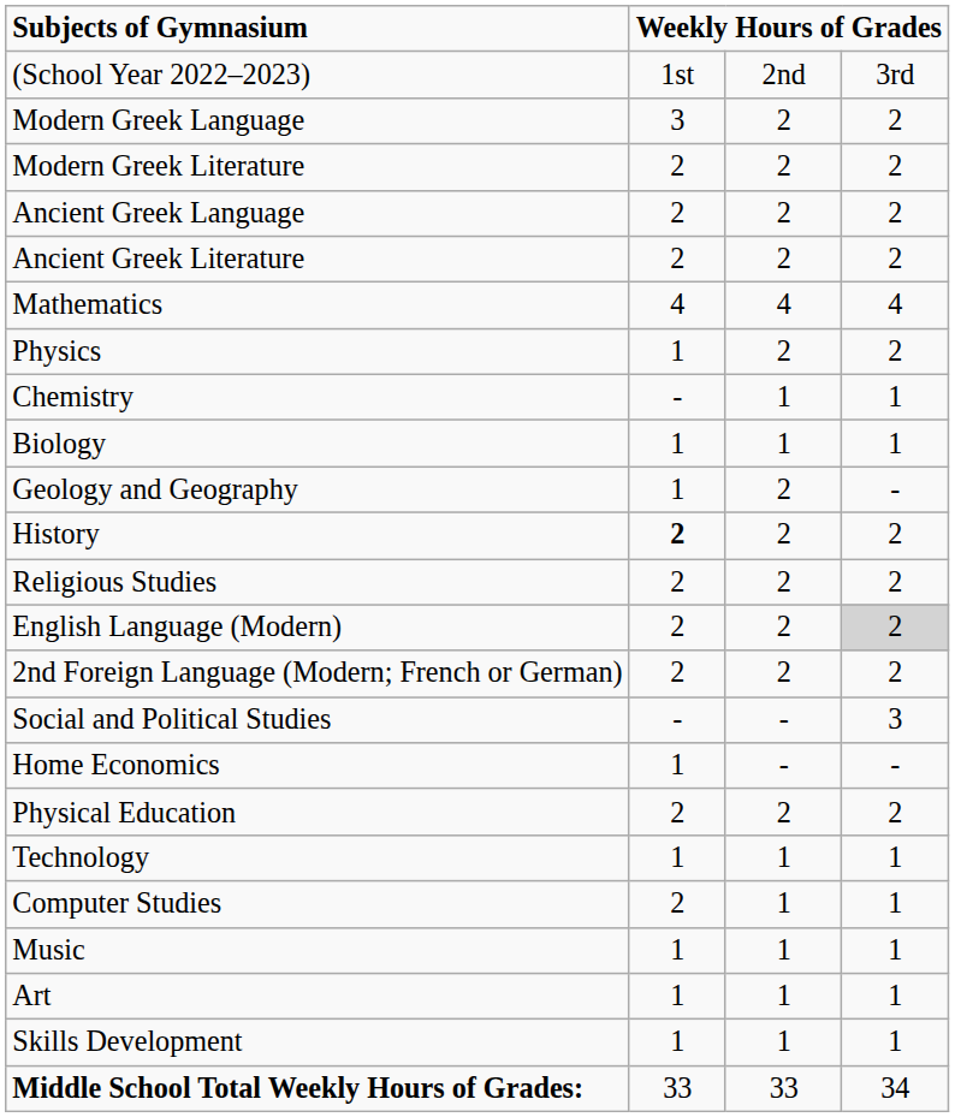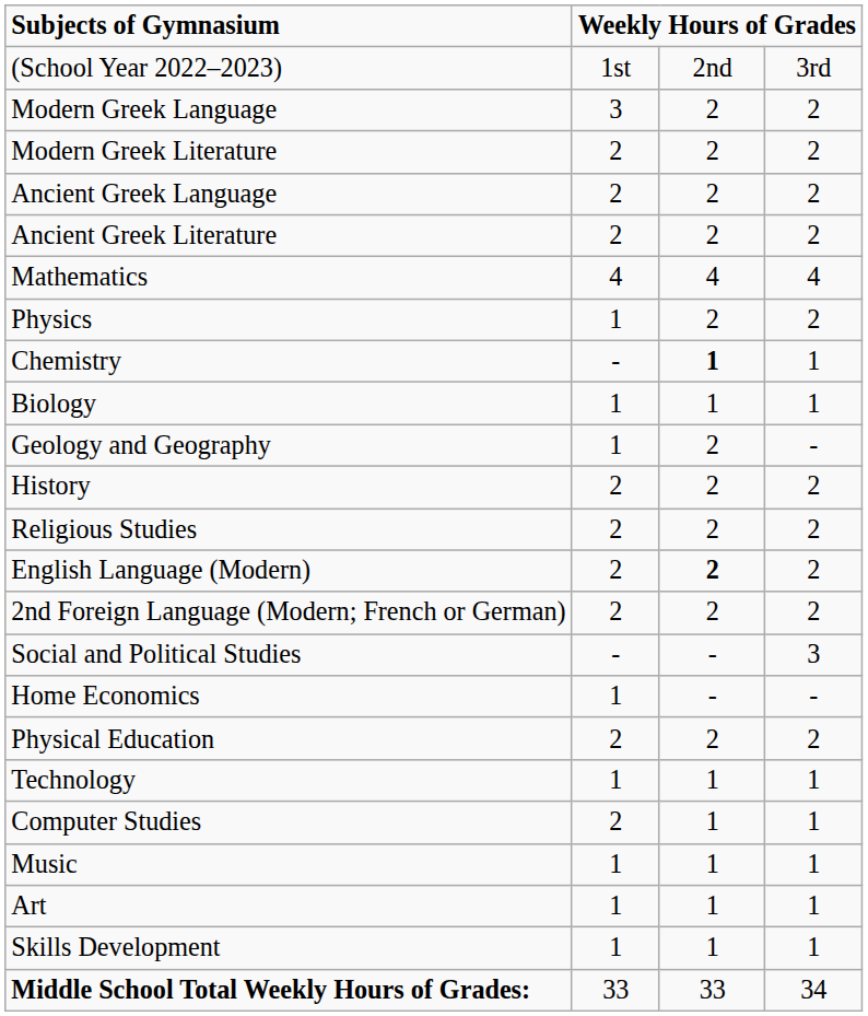 <table class="wikitable" border="0">
 <tr>
 <td><strong>Subjects of Gymnasium</strong></td>
 <td colspan="6"><strong>Weekly Hours of Grades</strong></td>
 </tr>
 <tr style="text-align:center;">
 <td style="text-align:left;">(School Year 2022–2023)</td>
 <td>1st</td>
 <td>2nd</td>
 <td>3rd</td>
 </tr>
 <tr>
 <td>Modern Greek Language</td>
 <td style="text-align:center;">3</td>
 <td style="text-align:center;">2</td>
 <td style="text-align:center;">2</td>
 </tr>
 <tr>
 <td>Modern Greek Literature</td>
 <td style="text-align:center;">2</td>
 <td style="text-align:center;">2</td>
 <td style="text-align:center;">2</td>
 </tr>
 <tr>
 <td>Ancient Greek Language</td>
 <td style="text-align:center;">2</td>
 <td style="text-align:center;">2</td>
 <td style="text-align:center;">2</td>
 </tr>
 <tr>
 <td>Ancient Greek Literature</td>
 <td style="text-align:center;">2</td>
 <td style="text-align:center;">2</td>
 <td style="text-align:center;">2</td>
 </tr>
 <tr>
 <td>Mathematics</td>
 <td style="text-align:center;">4</td>
 <td style="text-align:center;">4</td>
 <td style="text-align:center;">4</td>
 </tr>
 <tr>
 <td>Physics</td>
 <td style="text-align:center;">1</td>
 <td style="text-align:center;">2</td>
 <td style="text-align:center;">2</td>
 </tr>
 <tr>
 <td>Chemistry</td>
 <td style="text-align:center;">-</td>
-<td style="text-align:center;">1</td>
+<td style="text-align:center;"><strong>1</strong></td>
 <td style="text-align:center;">1</td>
 </tr>
 <tr>
 <td>Biology</td>
 <td style="text-align:center;">1</td>
 <td style="text-align:center;">1</td>
 <td style="text-align:center;">1</td>
 </tr>
 <tr>
 <td>Geology and Geography</td>
 <td style="text-align:center;">1</td>
 <td style="text-align:center;">2</td>
 <td style="text-align:center;">-</td>
 </tr>
 <tr>
 <td>History</td>
-<td style="text-align:center;"><strong>2</strong></td>
+<td style="text-align:center;">2</td>
 <td style="text-align:center;">2</td>
 <td style="text-align:center;">2</td>
 </tr>
 <tr>
 <td>Religious Studies</td>
 <td style="text-align:center;">2</td>
 <td style="text-align:center;">2</td>
 <td style="text-align:center;">2</td>
 </tr>
 <tr>
 <td>English Language (Modern)</td>
 <td style="text-align:center;">2</td>
+<td style="text-align:center;"><strong>2</strong></td>
 <td style="text-align:center;">2</td>
-<td style="background: lightgrey; text-align:center;">2</td>
 </tr>
 <tr>
 <td>2nd Foreign Language (Modern; French or German)</td>
 <td style="text-align:center;">2</td>
 <td style="text-align:center;">2</td>
 <td style="text-align:center;">2</td>
 </tr>
 <tr>
 <td>Social and Political Studies</td>
 <td style="text-align:center;">-</td>
 <td style="text-align:center;">-</td>
 <td style="text-align:center;">3</td>
 </tr>
 <tr>
 <td>Home Economics</td>
 <td style="text-align:center;">1</td>
 <td style="text-align:center;">-</td>
 <td style="text-align:center;">-</td>
 </tr>
 <tr>
 <td>Physical Education</td>
 <td style="text-align:center;">2</td>
 <td style="text-align:center;">2</td>
 <td style="text-align:center;">2</td>
 </tr>
 <tr>
 <td>Technology</td>
 <td style="text-align:center;">1</td>
 <td style="text-align:center;">1</td>
 <td style="text-align:center;">1</td>
 </tr>
 <tr>
 <td>Computer Studies</td>
 <td style="text-align:center;">2</td>
 <td style="text-align:center;">1</td>
 <td style="text-align:center;">1</td>
 </tr>
 <tr>
 <td>Music</td>
 <td style="text-align:center;">1</td>
 <td style="text-align:center;">1</td>
 <td style="text-align:center;">1</td>
 </tr>
 <tr>
 <td>Art</td>
 <td style="text-align:center;">1</td>
 <td style="text-align:center;">1</td>
 <td style="text-align:center;">1</td>
 </tr>
 <tr>
 <td>Skills Development</td>
 <td style="text-align:center;">1</td>
 <td style="text-align:center;">1</td>
 <td style="text-align:center;">1</td>
 </tr>
 <tr>
 <td><strong>Middle School Total Weekly Hours of Grades:</strong></td>
 <td style="text-align:center;">33</td>
 <td style="text-align:center;">33</td>
 <td style="text-align:center;">34</td>
 </tr>
 </table>
